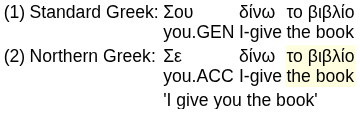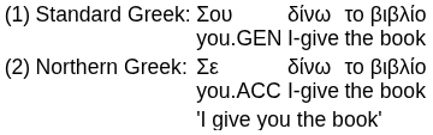 <table border="0">
 <tr>
 <td></td>
 <td valign="top">(1)</td>
 <td valign="top">Standard Greek:</td>
 <td>Σου<br>you.GEN</td>
 <td>δίνω<br>I-give</td>
 <td>το βιβλίο<br>the book</td>
 </tr>
 <tr>
 <td></td>
 <td valign="top">(2)</td>
 <td valign="top">Northern Greek:</td>
 <td>Σε<br>you.ACC</td>
 <td>δίνω<br>I-give</td>
-<td style="background: lightyellow;">το βιβλίο<br>the book</td>
+<td>το βιβλίο<br>the book</td>
 </tr>
 <tr>
 <td></td>
 <td></td>
 <td></td>
 <td colspan="3">'I give you the book'</td>
 </tr>
 <tr Serrai Idiom  watch the video here https://youtu.be/c56MTMz5xmc>
 </tr>
 </table>
